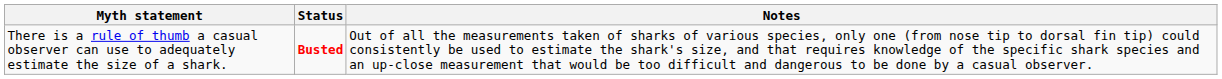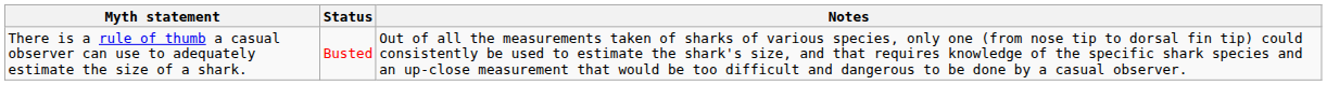 <table class="wikitable">
 <tr>
 <th>Myth statement</th>
 <th>Status</th>
 <th>Notes</th>
 </tr>
 <tr>
 <td>There is a <a href='#'>rule of thumb</a> a casual observer can use to adequately estimate the size of a shark.</td>
-<td style="color:red"><strong>Busted</strong></td>
+<td style="color:red">Busted</td>
 <td>Out of all the measurements taken of sharks of various species, only one (from nose tip to dorsal fin tip) could consistently be used to estimate the shark's size, and that requires knowledge of the specific shark species and an up-close measurement that would be too difficult and dangerous to be done by a casual observer.</td>
 </tr>
 </table>
